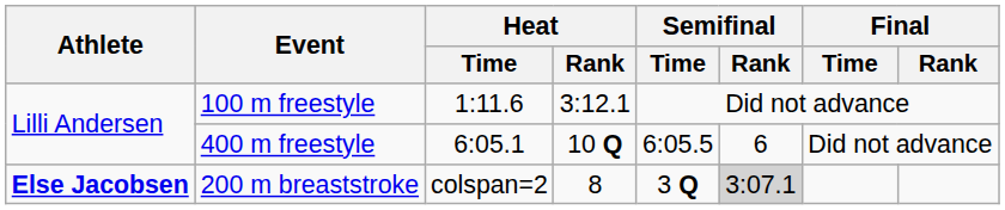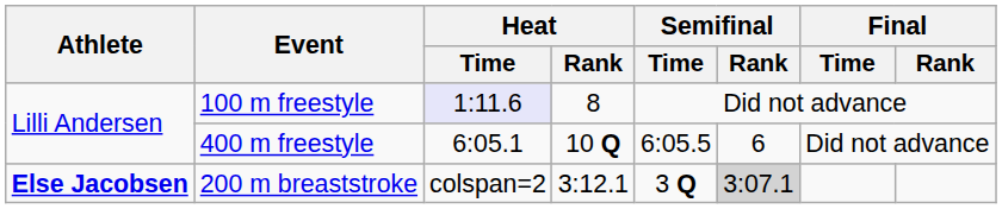 <table class=wikitable style="font-size:90%;">
 <tr>
 <th rowspan=2>Athlete</th>
 <th rowspan=2>Event</th>
 <th colspan=2>Heat</th>
 <th colspan=2>Semifinal</th>
 <th colspan=2>Final</th>
 </tr>
 <tr style="font-size:95%">
 <th>Time</th>
 <th>Rank</th>
 <th>Time</th>
 <th>Rank</th>
 <th>Time</th>
 <th>Rank</th>
 </tr>
 <tr align=center>
 <td rowspan=2 align=left><a href='#'>Lilli Andersen</a></td>
 <td align=left><a href='#'>100 m freestyle</a></td>
-<td>1:11.6</td>
-<td>3:12.1</td>
+<td style="background: lavender;">1:11.6</td>
+<td>8</td>
 <td colspan=4>Did not advance</td>
 </tr>
 <tr align=center>
 <td align=left><a href='#'>400 m freestyle</a></td>
 <td>6:05.1</td>
 <td>10 <strong>Q</strong></td>
 <td>6:05.5</td>
 <td>6</td>
 <td colspan=2>Did not advance</td>
 </tr>
 <tr align=center>
 <td align=left><strong><a href='#'>Else Jacobsen</a></strong></td>
 <td align=left><a href='#'>200 m breaststroke</a></td>
 <td>colspan=2 </td>
-<td>8</td>
+<td>3:12.1</td>
 <td>3 <strong>Q</strong></td>
 <td style="background: lightgrey;">3:07.1</td>
 <td></td>
 </tr>
 </table>
